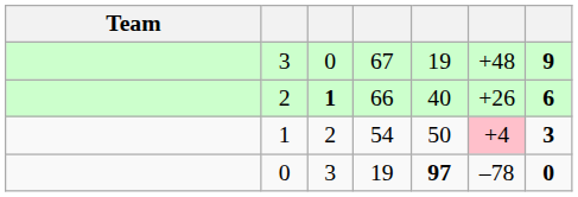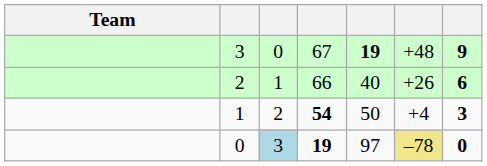 <table class="wikitable" style="text-align:center;">
 <tr>
 <th style="width:10.5em;">Team</th>
 <th style="width:1.5em;"></th>
 <th style="width:1.5em;"></th>
 <th style="width:2.0em;"></th>
 <th style="width:2.0em;"></th>
 <th style="width:2.0em;"></th>
 <th style="width:1.5em;"></th>
 </tr>
 <tr bgcolor=#cfc>
 <td align="left"></td>
 <td>3</td>
 <td>0</td>
 <td>67</td>
-<td>19</td>
+<td><strong>19</strong></td>
 <td>+48</td>
 <td><strong>9</strong></td>
 </tr>
 <tr bgcolor=#cfc>
 <td align="left"></td>
 <td>2</td>
-<td><strong>1</strong></td>
+<td>1</td>
 <td>66</td>
 <td>40</td>
 <td>+26</td>
 <td><strong>6</strong></td>
 </tr>
 <tr>
 <td align="left"></td>
 <td>1</td>
 <td>2</td>
-<td>54</td>
+<td><strong>54</strong></td>
 <td>50</td>
-<td style="background: pink;">+4</td>
+<td>+4</td>
 <td><strong>3</strong></td>
 </tr>
 <tr>
 <td align="left"></td>
 <td>0</td>
-<td>3</td>
-<td>19</td>
-<td><strong>97</strong></td>
-<td>–78</td>
+<td style="background: lightblue;">3</td>
+<td><strong>19</strong></td>
+<td>97</td>
+<td style="background: khaki;">–78</td>
 <td><strong>0</strong></td>
 </tr>
 </table>
